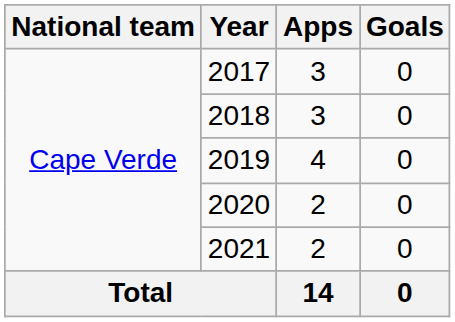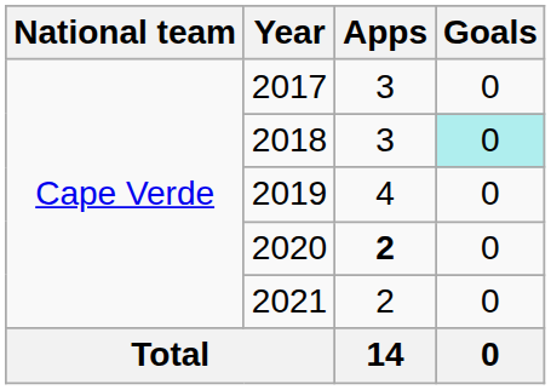 <table class="wikitable" style="text-align:center">
 <tr>
 <th>National team</th>
 <th>Year</th>
 <th>Apps</th>
 <th>Goals</th>
 </tr>
 <tr>
 <td rowspan="5"><a href='#'>Cape Verde</a></td>
 <td>2017</td>
 <td>3</td>
 <td>0</td>
 </tr>
 <tr>
 <td>2018</td>
 <td>3</td>
-<td>0</td>
+<td style="background: paleturquoise;">0</td>
 </tr>
 <tr>
 <td>2019</td>
 <td>4</td>
 <td>0</td>
 </tr>
 <tr>
 <td>2020</td>
-<td>2</td>
+<td><strong>2</strong></td>
 <td>0</td>
 </tr>
 <tr>
 <td>2021</td>
 <td>2</td>
 <td>0</td>
 </tr>
 <tr>
 <th colspan=2>Total</th>
 <th>14</th>
 <th>0</th>
 </tr>
 </table>
